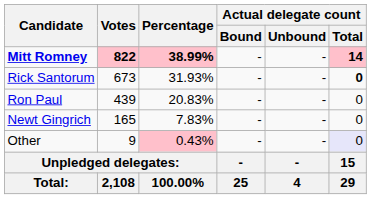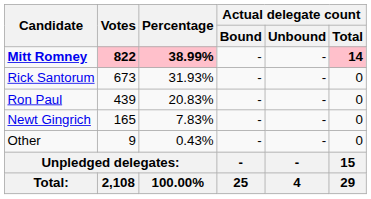 <table class="wikitable" style="text-align:right;">
 <tr>
 <th rowspan="2">Candidate</th>
 <th rowspan="2">Votes</th>
 <th rowspan="2">Percentage</th>
 <th colspan="3">Actual delegate count</th>
 </tr>
 <tr>
 <th>Bound</th>
 <th>Unbound</th>
 <th>Total</th>
 </tr>
 <tr>
 <td style="text-align:left;"> <strong><a href='#'>Mitt Romney</a></strong></td>
 <td style="background:pink;"><strong>822</strong></td>
 <td style="background:pink;"><strong>38.99%</strong></td>
 <td>-</td>
 <td>-</td>
 <td style="background:pink;"><strong>14</strong></td>
 </tr>
 <tr>
 <td style="text-align:left;"><a href='#'>Rick Santorum</a></td>
 <td>673</td>
 <td>31.93%</td>
 <td>-</td>
 <td>-</td>
-<td><strong>0</strong></td>
+<td>0</td>
 </tr>
 <tr>
 <td style="text-align:left;"><a href='#'>Ron Paul</a></td>
 <td>439</td>
 <td>20.83%</td>
 <td>-</td>
 <td>-</td>
 <td>0</td>
 </tr>
 <tr>
 <td style="text-align:left;"><a href='#'>Newt Gingrich</a></td>
 <td>165</td>
 <td>7.83%</td>
 <td>-</td>
 <td>-</td>
 <td>0</td>
 </tr>
 <tr>
 <td style="text-align:left;">Other</td>
 <td>9</td>
-<td style="background: pink;">0.43%</td>
+<td>0.43%</td>
 <td>-</td>
 <td>-</td>
-<td style="background: lavender;">0</td>
+<td>0</td>
 </tr>
 <tr style="background:#eee;">
 <th colspan="3">Unpledged delegates:</th>
 <th>-</th>
 <th>-</th>
 <th>15</th>
 </tr>
 <tr style="background:#eee;">
 <th>Total:</th>
 <th>2,108</th>
 <th>100.00%</th>
 <th>25</th>
 <th>4</th>
 <th>29</th>
 </tr>
 </table>
